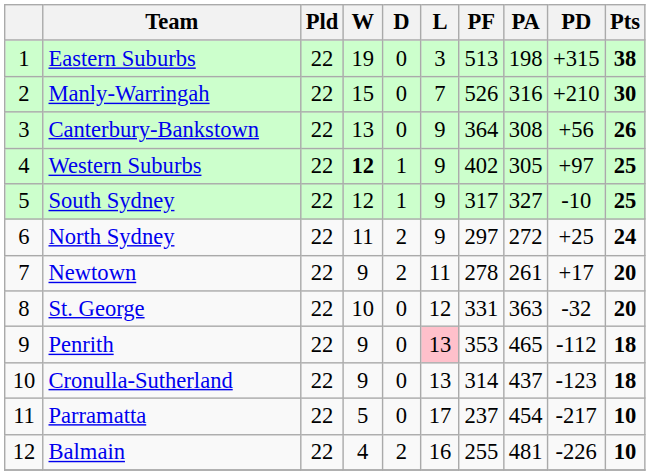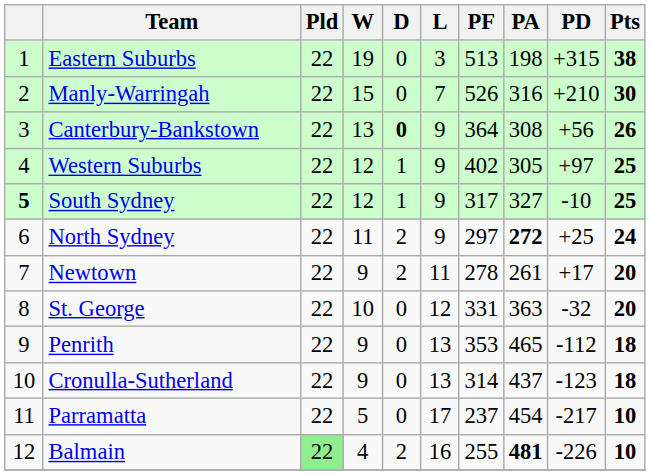 <table class="wikitable" style="text-align:center;">
 <tr>
 <th width=20 abbr="Position×"></th>
 <th width=175>Team</th>
 <th width=20 abbr="Played">Pld</th>
 <th width=20 abbr="Won">W</th>
 <th width=20 abbr="Drawn">D</th>
 <th width=20 abbr="Lost">L</th>
 <th width=20 abbr="Points for">PF</th>
 <th width=20 abbr="Points against">PA</th>
 <th width=20 abbr="Points difference">PD</th>
 <th width=20 abbr="Points">Pts</th>
 </tr>
 <tr style="background: #ccffcc;">
 <td>1</td>
 <td style="text-align:left;"> <a href='#'>Eastern Suburbs</a></td>
 <td>22</td>
 <td>19</td>
 <td>0</td>
 <td>3</td>
 <td>513</td>
 <td>198</td>
 <td>+315</td>
 <td><strong>38</strong></td>
 </tr>
 <tr style="background: #ccffcc;">
 <td>2</td>
 <td style="text-align:left;"> <a href='#'>Manly-Warringah</a></td>
 <td>22</td>
 <td>15</td>
 <td>0</td>
 <td>7</td>
 <td>526</td>
 <td>316</td>
 <td>+210</td>
 <td><strong>30</strong></td>
 </tr>
 <tr style="background: #ccffcc;">
 <td>3</td>
 <td style="text-align:left;"> <a href='#'>Canterbury-Bankstown</a></td>
 <td>22</td>
 <td>13</td>
-<td>0</td>
+<td><strong>0</strong></td>
 <td>9</td>
 <td>364</td>
 <td>308</td>
 <td>+56</td>
 <td><strong>26</strong></td>
 </tr>
 <tr style="background: #ccffcc;">
 <td>4</td>
 <td style="text-align:left;"> <a href='#'>Western Suburbs</a></td>
 <td>22</td>
-<td><strong>12</strong></td>
+<td>12</td>
 <td>1</td>
 <td>9</td>
 <td>402</td>
 <td>305</td>
 <td>+97</td>
 <td><strong>25</strong></td>
 </tr>
 <tr style="background: #ccffcc;">
-<td>5</td>
+<td><strong>5</strong></td>
 <td style="text-align:left;"> <a href='#'>South Sydney</a></td>
 <td>22</td>
 <td>12</td>
 <td>1</td>
 <td>9</td>
 <td>317</td>
 <td>327</td>
 <td>-10</td>
 <td><strong>25</strong></td>
 </tr>
 <tr>
 <td>6</td>
 <td style="text-align:left;"> <a href='#'>North Sydney</a></td>
 <td>22</td>
 <td>11</td>
 <td>2</td>
 <td>9</td>
 <td>297</td>
-<td>272</td>
+<td><strong>272</strong></td>
 <td>+25</td>
 <td><strong>24</strong></td>
 </tr>
 <tr>
 <td>7</td>
 <td style="text-align:left;"> <a href='#'>Newtown</a></td>
 <td>22</td>
 <td>9</td>
 <td>2</td>
 <td>11</td>
 <td>278</td>
 <td>261</td>
 <td>+17</td>
 <td><strong>20</strong></td>
 </tr>
 <tr>
 <td>8</td>
 <td style="text-align:left;"> <a href='#'>St. George</a></td>
 <td>22</td>
 <td>10</td>
 <td>0</td>
 <td>12</td>
 <td>331</td>
 <td>363</td>
 <td>-32</td>
 <td><strong>20</strong></td>
 </tr>
 <tr>
 <td>9</td>
 <td style="text-align:left;"> <a href='#'>Penrith</a></td>
 <td>22</td>
 <td>9</td>
 <td>0</td>
-<td style="background: pink;">13</td>
+<td>13</td>
 <td>353</td>
 <td>465</td>
 <td>-112</td>
 <td><strong>18</strong></td>
 </tr>
 <tr>
 <td>10</td>
 <td style="text-align:left;"> <a href='#'>Cronulla-Sutherland</a></td>
 <td>22</td>
 <td>9</td>
 <td>0</td>
 <td>13</td>
 <td>314</td>
 <td>437</td>
 <td>-123</td>
 <td><strong>18</strong></td>
 </tr>
 <tr>
 <td>11</td>
 <td style="text-align:left;"> <a href='#'>Parramatta</a></td>
 <td>22</td>
 <td>5</td>
 <td>0</td>
 <td>17</td>
 <td>237</td>
 <td>454</td>
 <td>-217</td>
 <td><strong>10</strong></td>
 </tr>
 <tr>
 <td>12</td>
 <td style="text-align:left;"> <a href='#'>Balmain</a></td>
-<td>22</td>
+<td style="background: lightgreen;">22</td>
 <td>4</td>
 <td>2</td>
 <td>16</td>
 <td>255</td>
-<td>481</td>
+<td><strong>481</strong></td>
 <td>-226</td>
 <td><strong>10</strong></td>
 </tr>
 <tr>
 </tr>
 </table>
